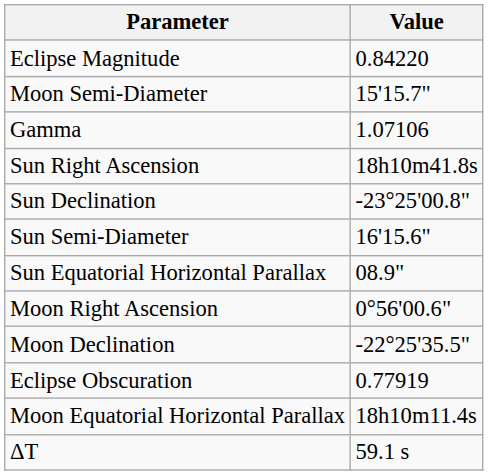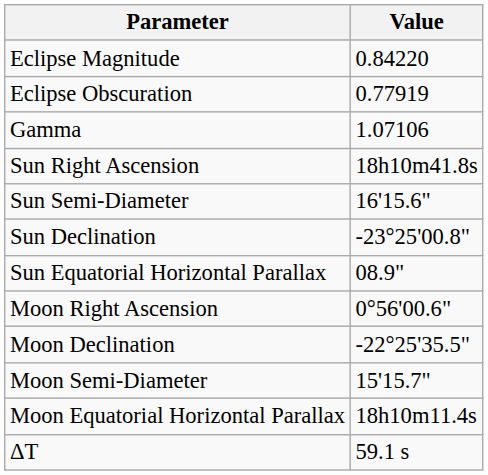 <table class="wikitable">
 <tr>
 <th>Parameter</th>
 <th>Value</th>
 </tr>
 <tr>
 <td>Eclipse Magnitude</td>
 <td>0.84220</td>
 </tr>
 <tr>
-<td>Moon Semi-Diameter</td>
-<td>15'15.7"</td>
+<td>Eclipse Obscuration</td>
+<td>0.77919</td>
 </tr>
 <tr>
 <td>Gamma</td>
 <td>1.07106</td>
 </tr>
 <tr>
 <td>Sun Right Ascension</td>
 <td>18h10m41.8s</td>
 </tr>
 <tr>
+<td>Sun Semi-Diameter</td>
+<td>16'15.6"</td>
+</tr>
+<tr>
 <td>Sun Declination</td>
 <td>-23°25'00.8"</td>
-</tr>
-<tr>
-<td>Sun Semi-Diameter</td>
-<td>16'15.6"</td>
 </tr>
 <tr>
 <td>Sun Equatorial Horizontal Parallax</td>
 <td>08.9"</td>
 </tr>
 <tr>
 <td>Moon Right Ascension</td>
 <td>0°56'00.6"</td>
 </tr>
 <tr>
 <td>Moon Declination</td>
 <td>-22°25'35.5"</td>
 </tr>
 <tr>
-<td>Eclipse Obscuration</td>
-<td>0.77919</td>
+<td>Moon Semi-Diameter</td>
+<td>15'15.7"</td>
 </tr>
 <tr>
 <td>Moon Equatorial Horizontal Parallax</td>
 <td>18h10m11.4s</td>
 </tr>
 <tr>
 <td>ΔT</td>
 <td>59.1 s</td>
 </tr>
 </table>
